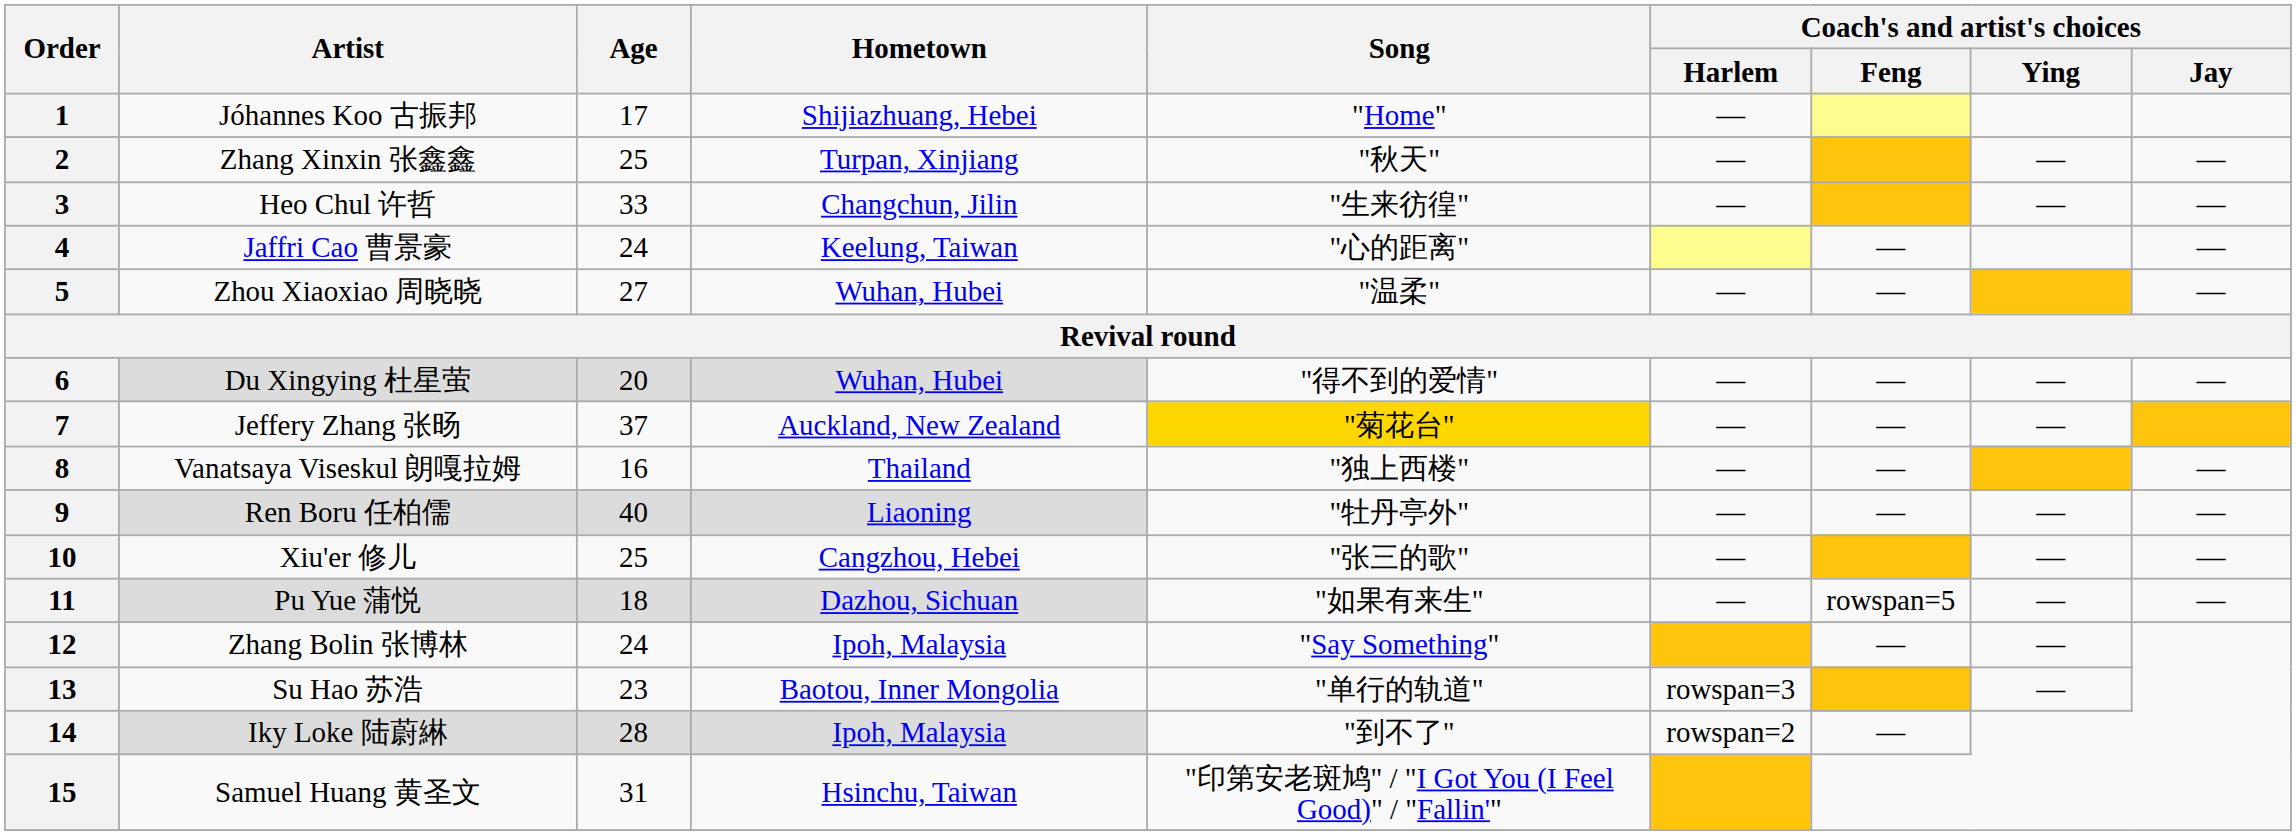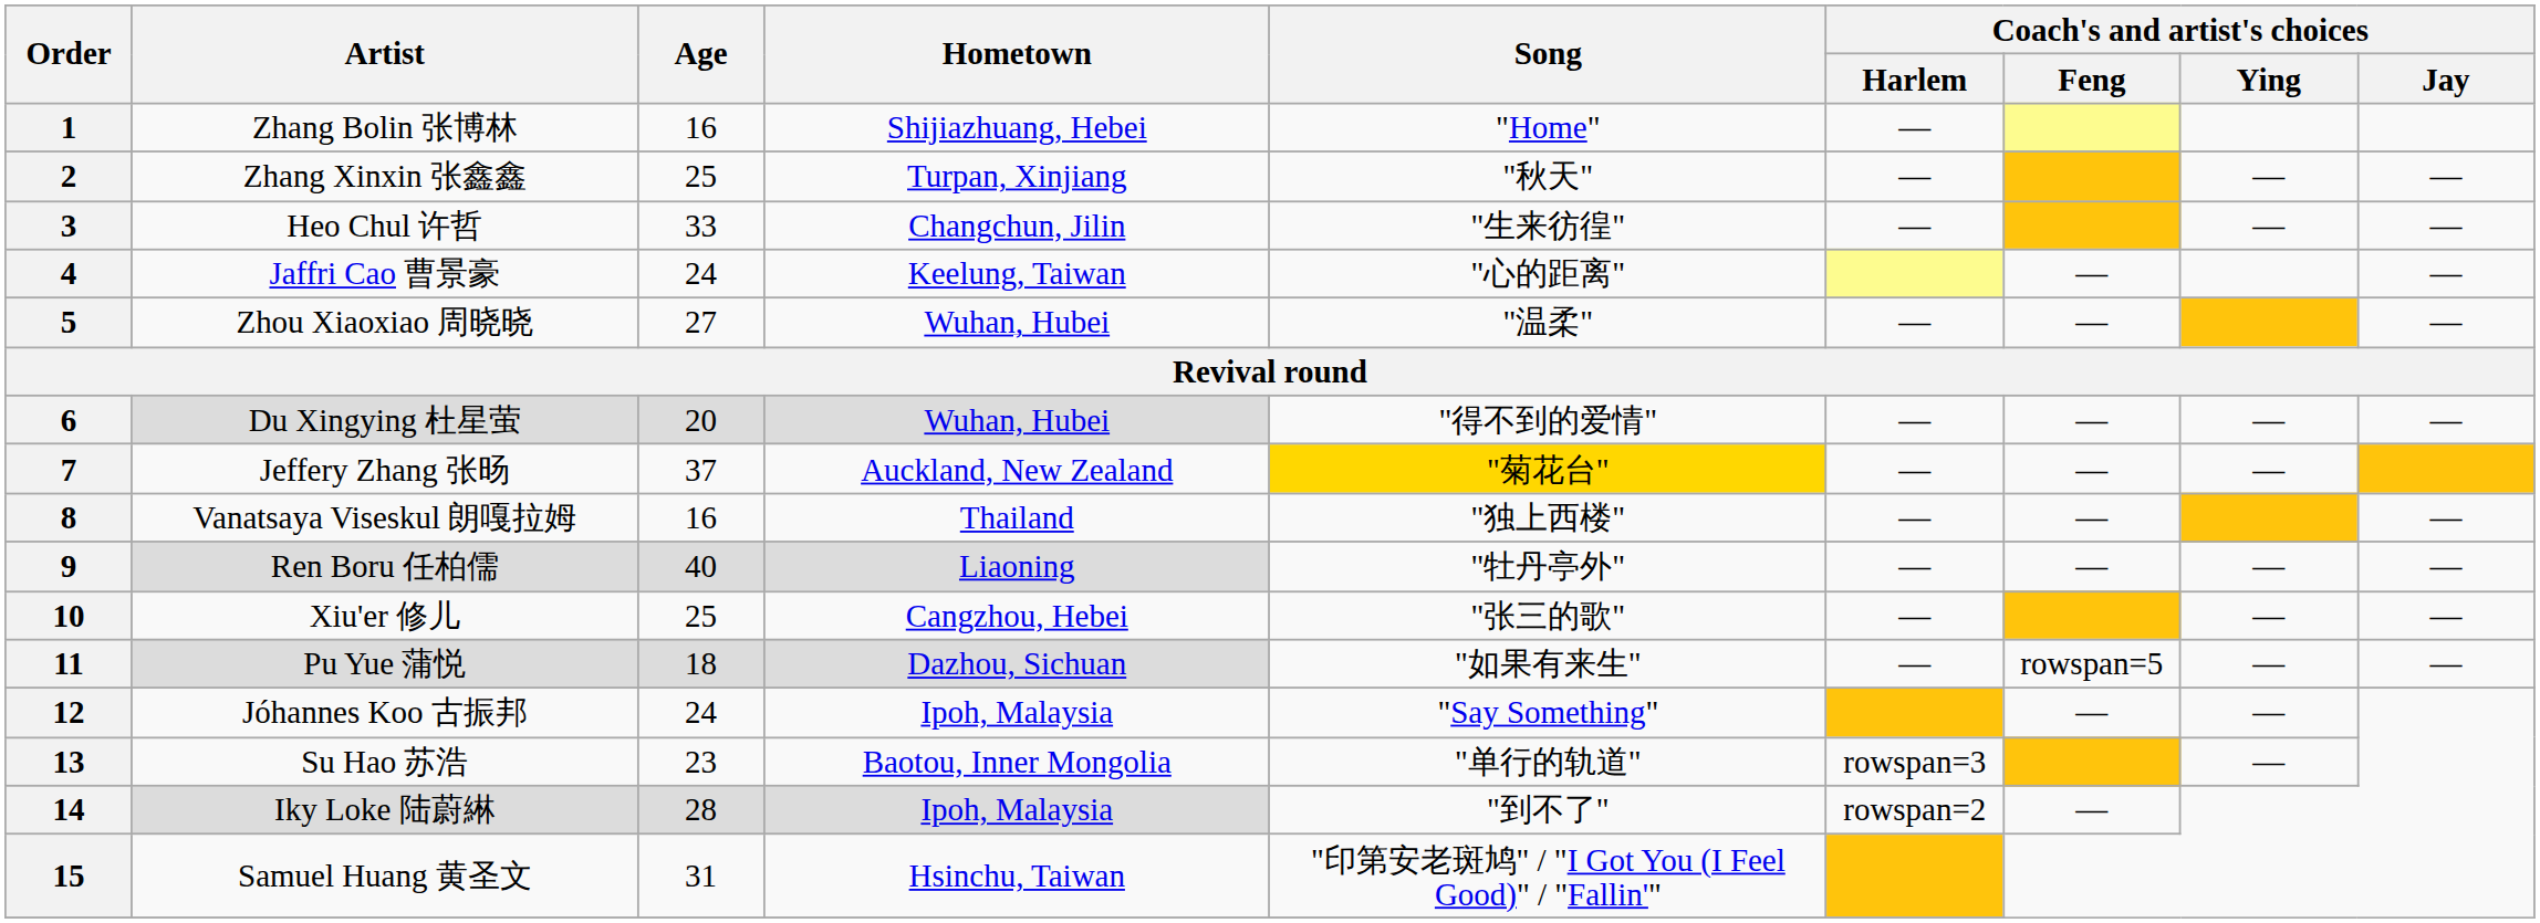 <table class="wikitable" style="text-align:center; line-height:17px; width:100%;">
 <tr>
 <th scope="col" rowspan="2" style="width:05%;">Order</th>
 <th scope="col" rowspan="2" style="width:20%;">Artist</th>
 <th scope="col" rowspan="2" style="width:05%;">Age</th>
 <th scope="col" rowspan="2" style="width:20%;">Hometown</th>
 <th scope="col" rowspan="2" style="width:22%;">Song</th>
 <th scope="col" colspan="4" style="width:28%;">Coach's and artist's choices</th>
 </tr>
 <tr>
 <th style="width:07%;">Harlem</th>
 <th style="width:07%;">Feng</th>
 <th style="width:07%;">Ying</th>
 <th style="width:07%;">Jay</th>
 </tr>
 <tr>
 <th>1</th>
-<td>Jóhannes Koo 古振邦</td>
-<td>17</td>
+<td>Zhang Bolin 张博林</td>
+<td>16</td>
 <td><a href='#'>Shijiazhuang, Hebei</a></td>
 <td>"<a href='#'>Home</a>"</td>
 <td>—</td>
 <td style="background:#fdfc8f;"><strong></strong></td>
 <td><strong></strong></td>
 <td><strong></strong></td>
 </tr>
 <tr>
 <th>2</th>
 <td>Zhang Xinxin 张鑫鑫</td>
 <td>25</td>
 <td><a href='#'>Turpan, Xinjiang</a></td>
 <td>"秋天"</td>
 <td>—</td>
 <td style="background:#FFC40C;"><strong></strong></td>
 <td>—</td>
 <td>—</td>
 </tr>
 <tr>
 <th>3</th>
 <td>Heo Chul 许哲</td>
 <td>33</td>
 <td><a href='#'>Changchun, Jilin</a></td>
 <td>"生来彷徨"</td>
 <td>—</td>
 <td style="background:#FFC40C;"><strong></strong></td>
 <td>—</td>
 <td>—</td>
 </tr>
 <tr>
 <th>4</th>
 <td><a href='#'>Jaffri Cao</a> 曹景豪</td>
 <td>24</td>
 <td><a href='#'>Keelung, Taiwan</a></td>
 <td>"心的距离"</td>
 <td style="background:#fdfc8f;"><strong></strong></td>
 <td>—</td>
 <td><strong></strong></td>
 <td>—</td>
 </tr>
 <tr>
 <th>5</th>
 <td>Zhou Xiaoxiao 周晓晓</td>
 <td>27</td>
 <td><a href='#'>Wuhan, Hubei</a></td>
 <td>"温柔"</td>
 <td>—</td>
 <td>—</td>
 <td style="background:#FFC40C;"><strong></strong></td>
 <td>—</td>
 </tr>
 <tr>
 <th colspan=9>Revival round</th>
 </tr>
 <tr>
 <th>6</th>
 <td style="background:#DCDCDC;">Du Xingying 杜星萤</td>
 <td style="background:#DCDCDC;">20</td>
 <td style="background:#DCDCDC;"><a href='#'>Wuhan, Hubei</a></td>
 <td>"得不到的爱情"</td>
 <td>—</td>
 <td>—</td>
 <td>—</td>
 <td>—</td>
 </tr>
 <tr>
 <th>7</th>
 <td>Jeffery Zhang 张旸</td>
 <td>37</td>
 <td><a href='#'>Auckland, New Zealand</a></td>
 <td style="background: gold;">"菊花台"</td>
 <td>—</td>
 <td>—</td>
 <td>—</td>
 <td style="background:#FFC40C;"><strong></strong></td>
 </tr>
 <tr>
 <th>8</th>
 <td>Vanatsaya Viseskul 朗嘎拉姆</td>
 <td>16</td>
 <td><a href='#'>Thailand</a></td>
 <td>"独上西楼"</td>
 <td>—</td>
 <td>—</td>
 <td style="background:#FFC40C;"><strong></strong></td>
 <td>—</td>
 </tr>
 <tr>
 <th>9</th>
 <td style="background:#DCDCDC;">Ren Boru 任柏儒</td>
 <td style="background:#DCDCDC;">40</td>
 <td style="background:#DCDCDC;"><a href='#'>Liaoning</a></td>
 <td>"牡丹亭外"</td>
 <td>—</td>
 <td>—</td>
 <td>—</td>
 <td>—</td>
 </tr>
 <tr>
 <th>10</th>
 <td>Xiu'er 修儿</td>
 <td>25</td>
 <td><a href='#'>Cangzhou, Hebei</a></td>
 <td>"张三的歌"</td>
 <td>—</td>
 <td style="background:#FFC40C;"><strong></strong></td>
 <td>—</td>
 <td>—</td>
 </tr>
 <tr>
 <th>11</th>
 <td style="background:#DCDCDC;">Pu Yue 蒲悦</td>
 <td style="background:#DCDCDC;">18</td>
 <td style="background:#DCDCDC;"><a href='#'>Dazhou, Sichuan</a></td>
 <td>"如果有来生"</td>
 <td>—</td>
 <td>rowspan=5 </td>
 <td>—</td>
 <td>—</td>
 </tr>
 <tr>
 <th>12</th>
-<td>Zhang Bolin 张博林</td>
+<td>Jóhannes Koo 古振邦</td>
 <td>24</td>
 <td><a href='#'>Ipoh, Malaysia</a></td>
 <td>"<a href='#'>Say Something</a>"</td>
 <td style="background:#FFC40C;"><strong></strong></td>
 <td>—</td>
 <td>—</td>
 </tr>
 <tr>
 <th>13</th>
 <td>Su Hao 苏浩</td>
 <td>23</td>
 <td><a href='#'>Baotou, Inner Mongolia</a></td>
 <td>"单行的轨道"</td>
 <td>rowspan=3 </td>
 <td style="background:#FFC40C;"><strong></strong></td>
 <td>—</td>
 </tr>
 <tr>
 <th>14</th>
 <td style="background:#DCDCDC;">Iky Loke 陆蔚綝</td>
 <td style="background:#DCDCDC;">28</td>
 <td style="background:#DCDCDC;"><a href='#'>Ipoh, Malaysia</a></td>
 <td>"到不了"</td>
 <td>rowspan=2 </td>
 <td>—</td>
 </tr>
 <tr>
 <th>15</th>
 <td>Samuel Huang 黄圣文</td>
 <td>31</td>
 <td><a href='#'>Hsinchu, Taiwan</a></td>
 <td>"印第安老斑鸠" / "<a href='#'>I Got You (I Feel Good)</a>" / "<a href='#'>Fallin'</a>"</td>
 <td style="background:#FFC40C;"><strong></strong></td>
 </tr>
 <tr>
 </tr>
 </table>
